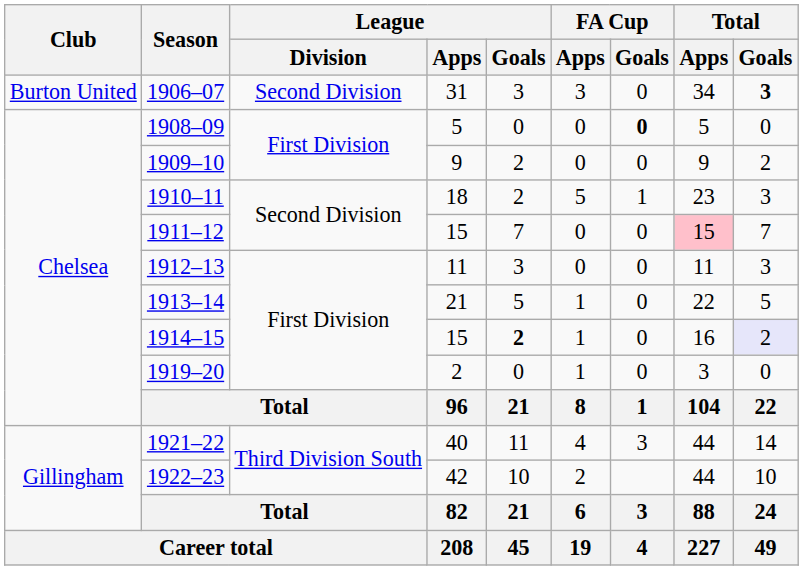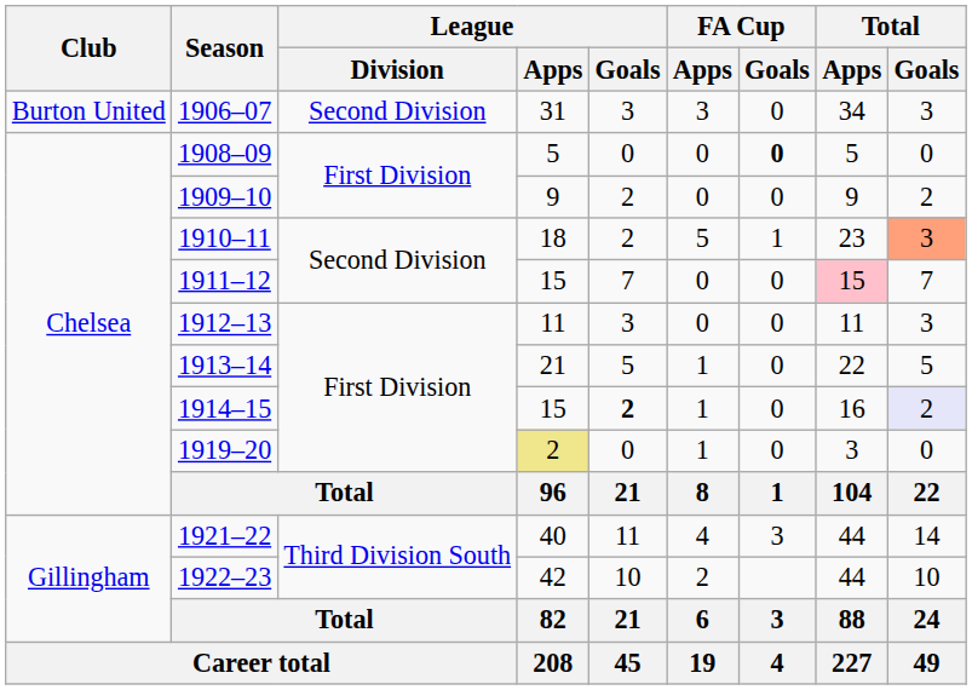 <table class="wikitable" style="text-align:center">
 <tr>
 <th rowspan="2">Club</th>
 <th rowspan="2">Season</th>
 <th colspan="3">League</th>
 <th colspan="2">FA Cup</th>
 <th colspan="2">Total</th>
 </tr>
 <tr>
 <th>Division</th>
 <th>Apps</th>
 <th>Goals</th>
 <th>Apps</th>
 <th>Goals</th>
 <th>Apps</th>
 <th>Goals</th>
 </tr>
 <tr>
 <td><a href='#'>Burton United</a></td>
 <td><a href='#'>1906–07</a></td>
 <td><a href='#'>Second Division</a></td>
 <td>31</td>
 <td>3</td>
 <td>3</td>
 <td>0</td>
 <td>34</td>
-<td><strong>3</strong></td>
+<td>3</td>
 </tr>
 <tr>
 <td rowspan="9"><a href='#'>Chelsea</a></td>
 <td><a href='#'>1908–09</a></td>
 <td rowspan="2"><a href='#'>First Division</a></td>
 <td>5</td>
 <td>0</td>
 <td>0</td>
 <td><strong>0</strong></td>
 <td>5</td>
 <td>0</td>
 </tr>
 <tr>
 <td><a href='#'>1909–10</a></td>
 <td>9</td>
 <td>2</td>
 <td>0</td>
 <td>0</td>
 <td>9</td>
 <td>2</td>
 </tr>
 <tr>
 <td><a href='#'>1910–11</a></td>
 <td rowspan="2">Second Division</td>
 <td>18</td>
 <td>2</td>
 <td>5</td>
 <td>1</td>
 <td>23</td>
-<td>3</td>
+<td style="background: lightsalmon;">3</td>
 </tr>
 <tr>
 <td><a href='#'>1911–12</a></td>
 <td>15</td>
 <td>7</td>
 <td>0</td>
 <td>0</td>
 <td style="background: pink;">15</td>
 <td>7</td>
 </tr>
 <tr>
 <td><a href='#'>1912–13</a></td>
 <td rowspan="4">First Division</td>
 <td>11</td>
 <td>3</td>
 <td>0</td>
 <td>0</td>
 <td>11</td>
 <td>3</td>
 </tr>
 <tr>
 <td><a href='#'>1913–14</a></td>
 <td>21</td>
 <td>5</td>
 <td>1</td>
 <td>0</td>
 <td>22</td>
 <td>5</td>
 </tr>
 <tr>
 <td><a href='#'>1914–15</a></td>
 <td>15</td>
 <td><strong>2</strong></td>
 <td>1</td>
 <td>0</td>
 <td>16</td>
 <td style="background: lavender;">2</td>
 </tr>
 <tr>
 <td><a href='#'>1919–20</a></td>
-<td>2</td>
+<td style="background: khaki;">2</td>
 <td>0</td>
 <td>1</td>
 <td>0</td>
 <td>3</td>
 <td>0</td>
 </tr>
 <tr>
 <th colspan="2">Total</th>
 <th>96</th>
 <th>21</th>
 <th>8</th>
 <th>1</th>
 <th>104</th>
 <th>22</th>
 </tr>
 <tr>
 <td rowspan="3"><a href='#'>Gillingham</a></td>
 <td><a href='#'>1921–22</a></td>
 <td rowspan="2"><a href='#'>Third Division South</a></td>
 <td>40</td>
 <td>11</td>
 <td>4</td>
 <td>3</td>
 <td>44</td>
 <td>14</td>
 </tr>
 <tr>
 <td><a href='#'>1922–23</a></td>
 <td>42</td>
 <td>10</td>
 <td>2</td>
 <td></td>
 <td>44</td>
 <td>10</td>
 </tr>
 <tr>
 <th colspan="2">Total</th>
 <th>82</th>
 <th>21</th>
 <th>6</th>
 <th>3</th>
 <th>88</th>
 <th>24</th>
 </tr>
 <tr>
 <th colspan="3">Career total</th>
 <th>208</th>
 <th>45</th>
 <th>19</th>
 <th>4</th>
 <th>227</th>
 <th>49</th>
 </tr>
 </table>
